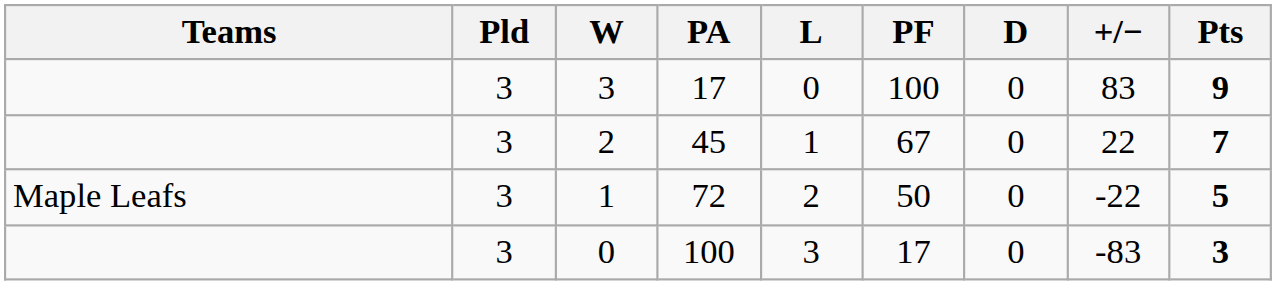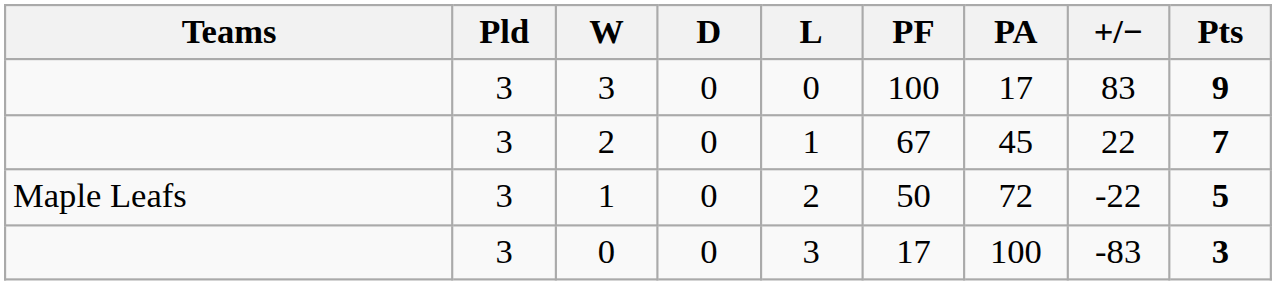 <table class="wikitable" style="text-align: center;">
 <tr>
 <th width="200">Teams</th>
 <th width="40">Pld</th>
 <th width="40">W</th>
-<th width="40">PA</th>
+<th width="40">D</th>
 <th width="40">L</th>
 <th width="40">PF</th>
-<th width="40">D</th>
+<th width="40">PA</th>
 <th width="40">+/−</th>
 <th width="40">Pts</th>
 </tr>
 <tr>
 <td align=left></td>
 <td>3</td>
 <td>3</td>
-<td>17</td>
+<td>0</td>
 <td>0</td>
 <td>100</td>
-<td>0</td>
+<td>17</td>
 <td>83</td>
 <td><strong>9</strong></td>
 </tr>
 <tr>
 <td align=left></td>
 <td>3</td>
 <td>2</td>
-<td>45</td>
+<td>0</td>
 <td>1</td>
 <td>67</td>
-<td>0</td>
+<td>45</td>
 <td>22</td>
 <td><strong>7</strong></td>
 </tr>
 <tr>
 <td align=left> Maple Leafs</td>
 <td>3</td>
 <td>1</td>
-<td>72</td>
+<td>0</td>
 <td>2</td>
 <td>50</td>
-<td>0</td>
+<td>72</td>
 <td>-22</td>
 <td><strong>5</strong></td>
 </tr>
 <tr>
 <td align=left></td>
 <td>3</td>
 <td>0</td>
-<td>100</td>
+<td>0</td>
 <td>3</td>
 <td>17</td>
-<td>0</td>
+<td>100</td>
 <td>-83</td>
 <td><strong>3</strong></td>
 </tr>
 </table>
